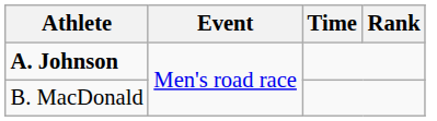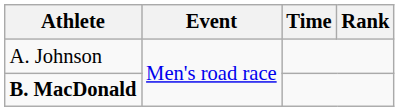 <table class=wikitable style=font-size:90%;text-align:center>
 <tr>
 <th>Athlete</th>
 <th>Event</th>
 <th>Time</th>
 <th>Rank</th>
 </tr>
 <tr>
-<td align=left><strong>A. Johnson</strong></td>
+<td align=left>A. Johnson</td>
 <td align=left rowspan=2><a href='#'>Men's road race</a></td>
 <td colspan=2></td>
 </tr>
 <tr>
-<td align=left>B. MacDonald</td>
+<td align=left><strong>B. MacDonald</strong></td>
 <td colspan=2></td>
 </tr>
 </table>
